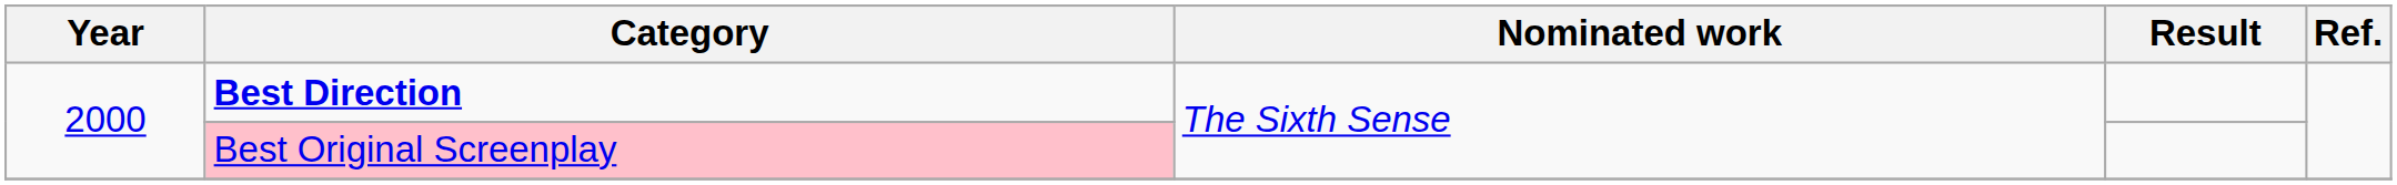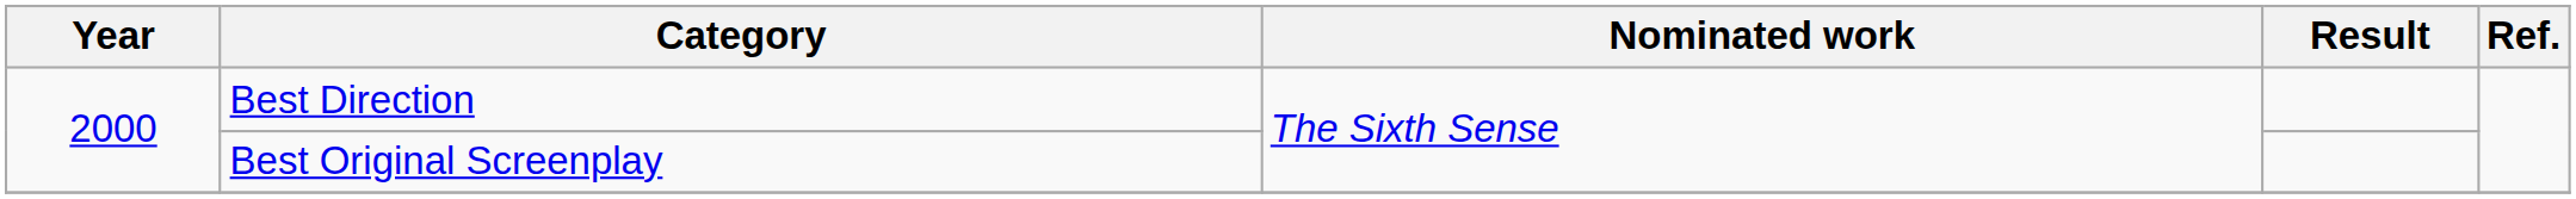 <table class=wikitable>
 <tr>
 <th scope="col" style="width:5em;">Year</th>
 <th scope="col" style="width:26em;">Category</th>
 <th scope="col" style="width:25em;">Nominated work</th>
 <th scope="col" style="width:5em;">Result</th>
 <th>Ref.</th>
 </tr>
 <tr>
 <td style="text-align:center;", rowspan="2"><a href='#'>2000</a></td>
-<td><strong><a href='#'>Best Direction</a></strong></td>
+<td><a href='#'>Best Direction</a></td>
 <td rowspan="2"><em><a href='#'>The Sixth Sense</a></em></td>
 <td></td>
 <td style="text-align:center;", rowspan=2></td>
 </tr>
 <tr>
-<td style="background: pink;"><a href='#'>Best Original Screenplay</a></td>
+<td><a href='#'>Best Original Screenplay</a></td>
 <td></td>
 </tr>
 <tr>
 </tr>
 </table>
